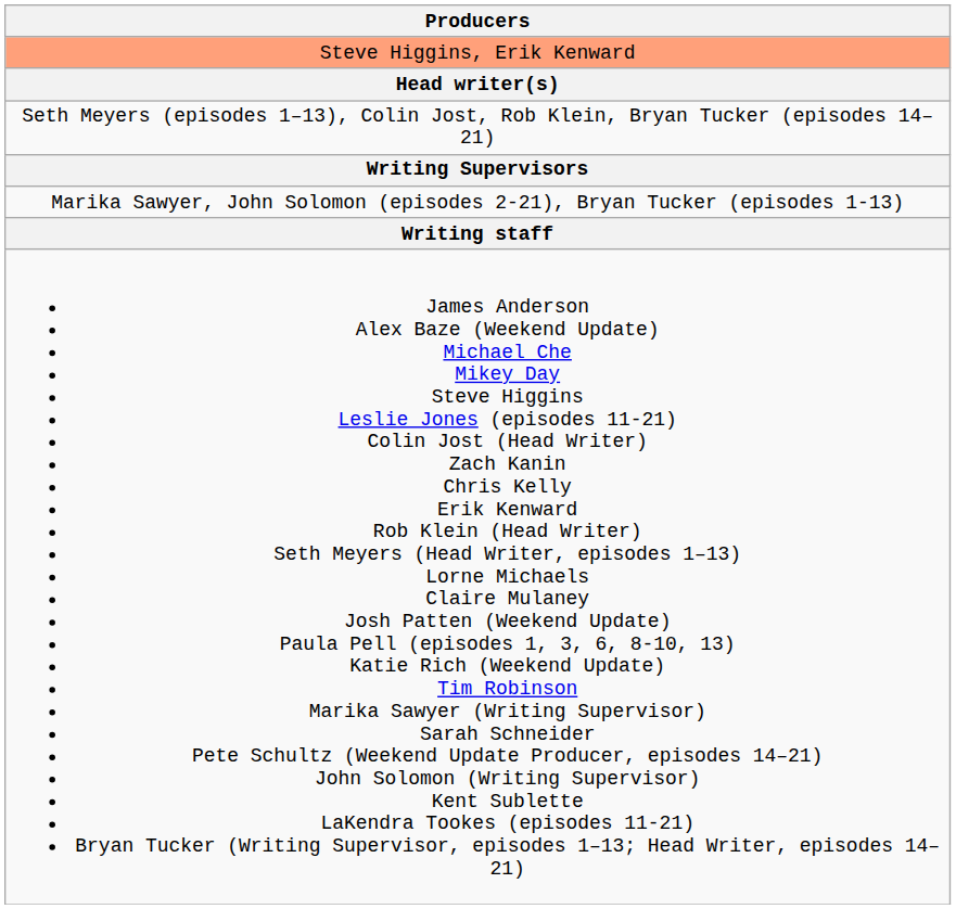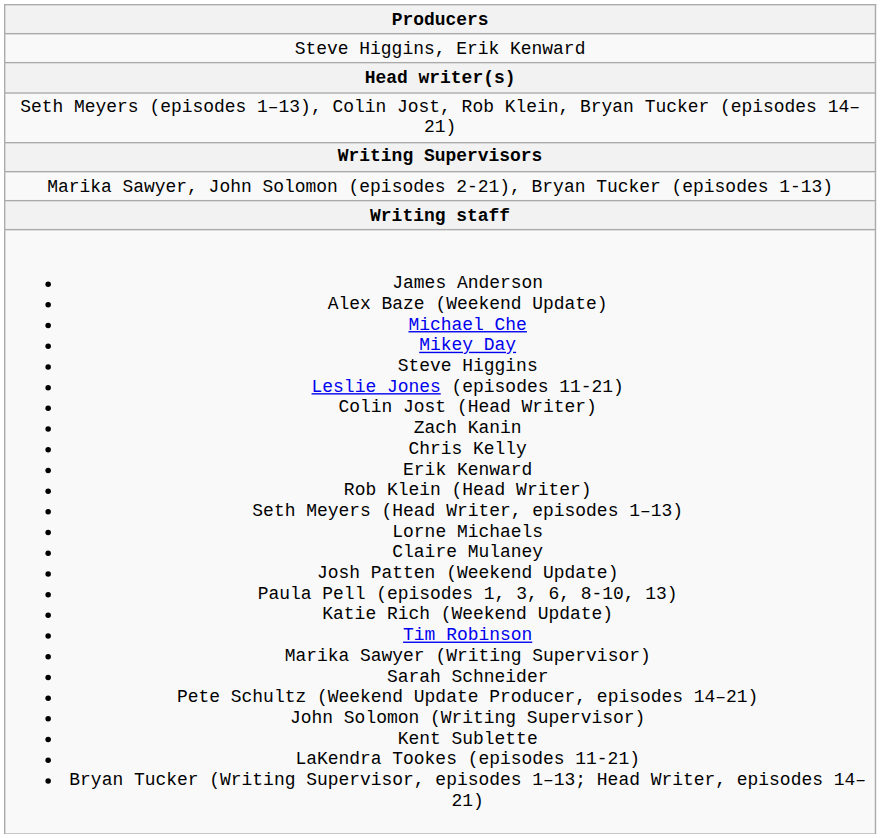 <table class="wikitable plainrowheaders"  style="text-align:center; width:50%;">
 <tr>
 <th><strong>Producers</strong></th>
 </tr>
 <tr>
-<td style="background: lightsalmon;">Steve Higgins, Erik Kenward</td>
+<td>Steve Higgins, Erik Kenward</td>
 </tr>
 <tr>
 <th><strong>Head writer(s)</strong></th>
 </tr>
 <tr>
 <td>Seth Meyers (episodes 1–13), Colin Jost, Rob Klein, Bryan Tucker (episodes 14–21)</td>
 </tr>
 <tr>
 <th><strong>Writing Supervisors</strong></th>
 </tr>
 <tr>
 <td>Marika Sawyer, John Solomon (episodes 2-21), Bryan Tucker (episodes 1-13)</td>
 </tr>
 <tr>
 <th><strong>Writing staff</strong></th>
 </tr>
 <tr>
 <td><br><ul><li>James Anderson</li><li>Alex Baze (Weekend Update)</li><li><a href='#'>Michael Che</a></li><li><a href='#'>Mikey Day</a></li><li>Steve Higgins</li><li><a href='#'>Leslie Jones</a> (episodes 11-21)</li><li>Colin Jost (Head Writer)</li><li>Zach Kanin</li><li>Chris Kelly</li><li>Erik Kenward</li><li>Rob Klein (Head Writer)</li><li>Seth Meyers (Head Writer, episodes 1–13)</li><li>Lorne Michaels</li><li>Claire Mulaney</li><li>Josh Patten (Weekend Update)</li><li>Paula Pell (episodes 1, 3, 6, 8-10, 13)</li><li>Katie Rich (Weekend Update)</li><li><a href='#'>Tim Robinson</a></li><li>Marika Sawyer (Writing Supervisor)</li><li>Sarah Schneider</li><li>Pete Schultz (Weekend Update Producer, episodes 14–21)</li><li>John Solomon (Writing Supervisor)</li><li>Kent Sublette</li><li>LaKendra Tookes (episodes 11-21)</li><li>Bryan Tucker (Writing Supervisor, episodes 1–13; Head Writer, episodes 14–21)</li></ul></td>
 </tr>
 </table>
